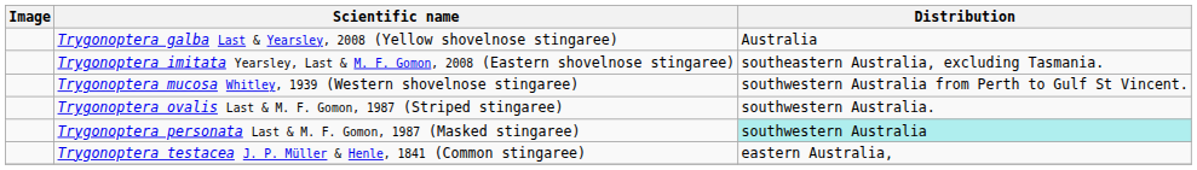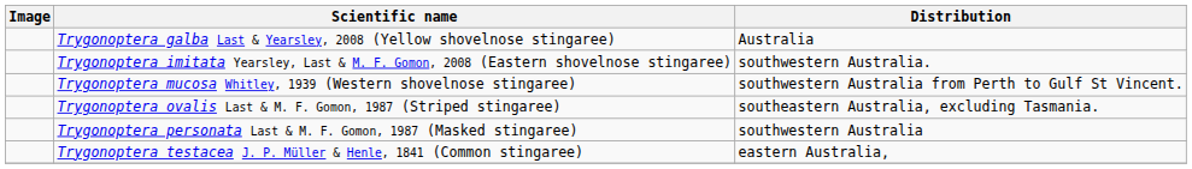 <table class="wikitable">
 <tr>
 <th>Image</th>
 <th>Scientific name</th>
 <th>Distribution</th>
 </tr>
 <tr>
 <td></td>
 <td><em><a href='#'>Trygonoptera galba</a></em> <small><a href='#'>Last</a> & <a href='#'>Yearsley</a>, 2008</small> (Yellow shovelnose stingaree)</td>
 <td>Australia</td>
 </tr>
 <tr>
 <td></td>
 <td><em><a href='#'>Trygonoptera imitata</a></em> <small>Yearsley, Last & <a href='#'>M. F. Gomon</a>, 2008</small> (Eastern shovelnose stingaree)</td>
-<td>southeastern Australia, excluding Tasmania.</td>
+<td>southwestern Australia.</td>
 </tr>
 <tr>
 <td></td>
 <td><em><a href='#'>Trygonoptera mucosa</a></em> <small><a href='#'>Whitley</a>, 1939</small> (Western shovelnose stingaree)</td>
 <td>southwestern Australia from Perth to Gulf St Vincent.</td>
 </tr>
 <tr>
 <td></td>
 <td><em><a href='#'>Trygonoptera ovalis</a></em> <small>Last & M. F. Gomon, 1987</small> (Striped stingaree)</td>
-<td>southwestern Australia.</td>
+<td>southeastern Australia, excluding Tasmania.</td>
 </tr>
 <tr>
 <td></td>
 <td><em><a href='#'>Trygonoptera personata</a></em> <small>Last & M. F. Gomon, 1987</small> (Masked stingaree)</td>
-<td style="background: paleturquoise;">southwestern Australia</td>
+<td>southwestern Australia</td>
 </tr>
 <tr>
 <td></td>
 <td><em><a href='#'>Trygonoptera testacea</a></em> <small><a href='#'>J. P. Müller</a> & <a href='#'>Henle</a>, 1841</small> (Common stingaree)</td>
 <td>eastern Australia,</td>
 </tr>
 <tr>
 </tr>
 </table>
